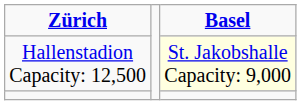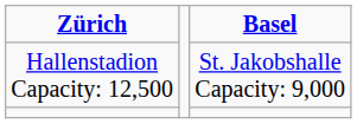 <table class="wikitable" style="text-align:center;">
 <tr>
 <td><strong><a href='#'>Zürich</a></strong></td>
 <td rowspan="3"></td>
 <td><strong><a href='#'>Basel</a></strong></td>
 </tr>
 <tr>
 <td><a href='#'>Hallenstadion</a><br>Capacity: 12,500</td>
-<td style="background: lightyellow;"><a href='#'>St. Jakobshalle</a><br>Capacity: 9,000</td>
+<td><a href='#'>St. Jakobshalle</a><br>Capacity: 9,000</td>
 </tr>
 <tr>
 <td></td>
 <td></td>
 </tr>
 </table>
